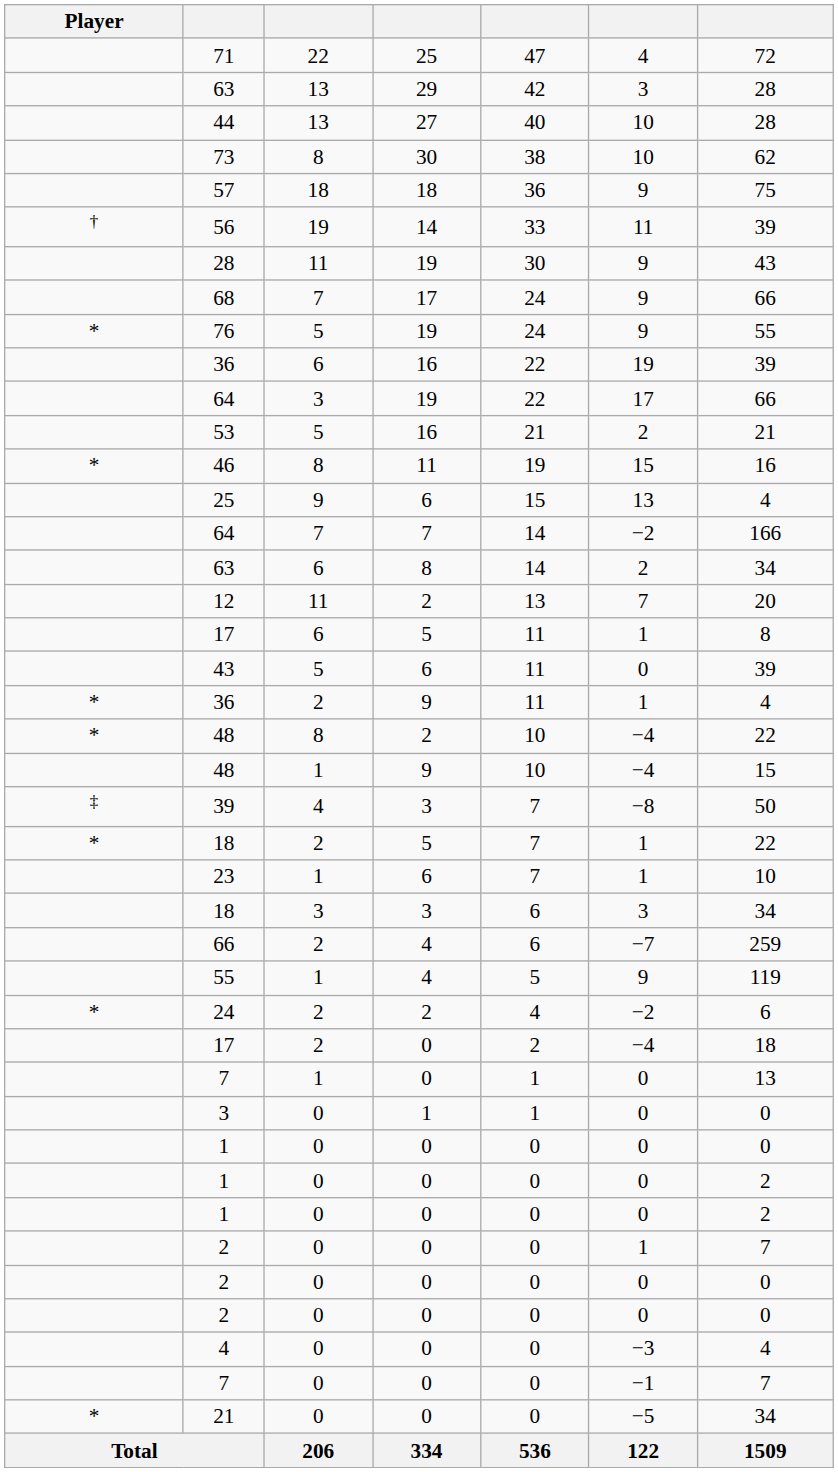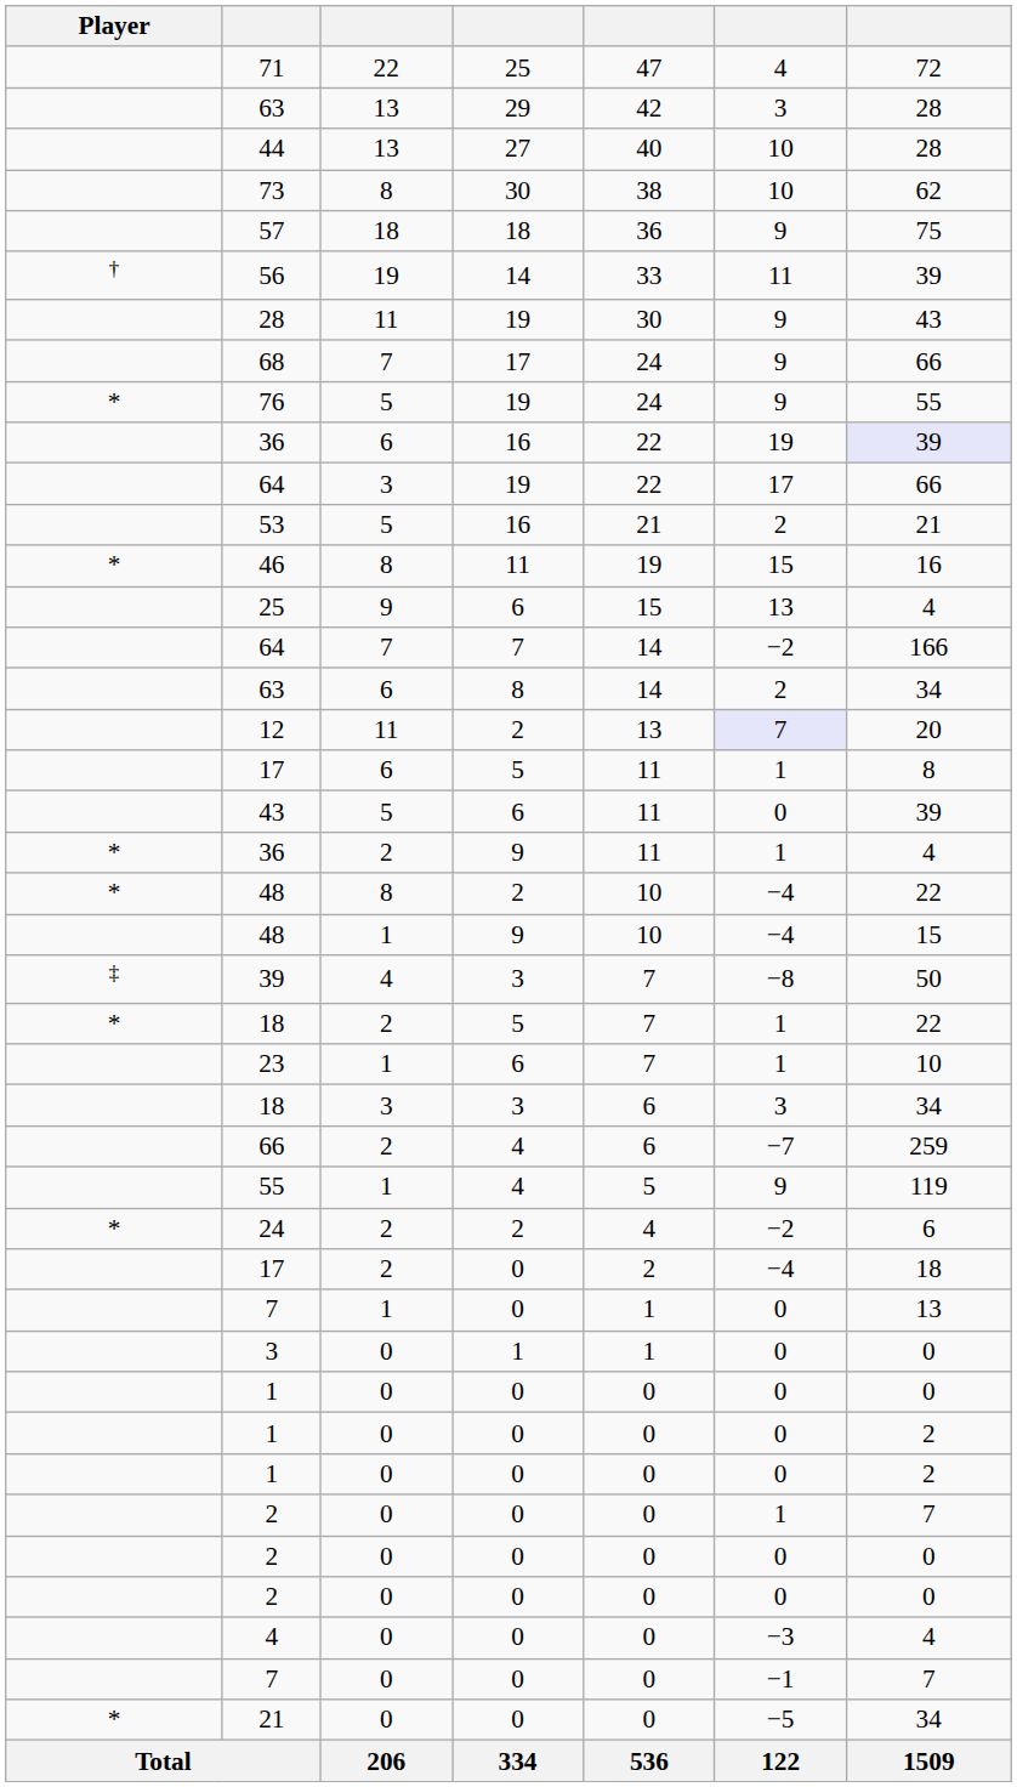 <table class="wikitable sortable" style="width:100%; text-align:center;">
 <tr>
 <th>Player</th>
 <th></th>
 <th></th>
 <th></th>
 <th></th>
 <th data-sort-type="number"></th>
 <th></th>
 </tr>
 <tr>
 <td></td>
 <td>71</td>
 <td>22</td>
 <td>25</td>
 <td>47</td>
 <td>4</td>
 <td>72</td>
 </tr>
 <tr>
 <td></td>
 <td>63</td>
 <td>13</td>
 <td>29</td>
 <td>42</td>
 <td>3</td>
 <td>28</td>
 </tr>
 <tr>
 <td></td>
 <td>44</td>
 <td>13</td>
 <td>27</td>
 <td>40</td>
 <td>10</td>
 <td>28</td>
 </tr>
 <tr>
 <td></td>
 <td>73</td>
 <td>8</td>
 <td>30</td>
 <td>38</td>
 <td>10</td>
 <td>62</td>
 </tr>
 <tr>
 <td></td>
 <td>57</td>
 <td>18</td>
 <td>18</td>
 <td>36</td>
 <td>9</td>
 <td>75</td>
 </tr>
 <tr>
 <td><sup>†</sup></td>
 <td>56</td>
 <td>19</td>
 <td>14</td>
 <td>33</td>
 <td>11</td>
 <td>39</td>
 </tr>
 <tr>
 <td></td>
 <td>28</td>
 <td>11</td>
 <td>19</td>
 <td>30</td>
 <td>9</td>
 <td>43</td>
 </tr>
 <tr>
 <td></td>
 <td>68</td>
 <td>7</td>
 <td>17</td>
 <td>24</td>
 <td>9</td>
 <td>66</td>
 </tr>
 <tr>
 <td>*</td>
 <td>76</td>
 <td>5</td>
 <td>19</td>
 <td>24</td>
 <td>9</td>
 <td>55</td>
 </tr>
 <tr>
 <td></td>
 <td>36</td>
 <td>6</td>
 <td>16</td>
 <td>22</td>
 <td>19</td>
-<td>39</td>
+<td style="background: lavender;">39</td>
 </tr>
 <tr>
 <td></td>
 <td>64</td>
 <td>3</td>
 <td>19</td>
 <td>22</td>
 <td>17</td>
 <td>66</td>
 </tr>
 <tr>
 <td></td>
 <td>53</td>
 <td>5</td>
 <td>16</td>
 <td>21</td>
 <td>2</td>
 <td>21</td>
 </tr>
 <tr>
 <td>*</td>
 <td>46</td>
 <td>8</td>
 <td>11</td>
 <td>19</td>
 <td>15</td>
 <td>16</td>
 </tr>
 <tr>
 <td></td>
 <td>25</td>
 <td>9</td>
 <td>6</td>
 <td>15</td>
 <td>13</td>
 <td>4</td>
 </tr>
 <tr>
 <td></td>
 <td>64</td>
 <td>7</td>
 <td>7</td>
 <td>14</td>
 <td>−2</td>
 <td>166</td>
 </tr>
 <tr>
 <td></td>
 <td>63</td>
 <td>6</td>
 <td>8</td>
 <td>14</td>
 <td>2</td>
 <td>34</td>
 </tr>
 <tr>
 <td></td>
 <td>12</td>
 <td>11</td>
 <td>2</td>
 <td>13</td>
-<td>7</td>
+<td style="background: lavender;">7</td>
 <td>20</td>
 </tr>
 <tr>
 <td></td>
 <td>17</td>
 <td>6</td>
 <td>5</td>
 <td>11</td>
 <td>1</td>
 <td>8</td>
 </tr>
 <tr>
 <td></td>
 <td>43</td>
 <td>5</td>
 <td>6</td>
 <td>11</td>
 <td>0</td>
 <td>39</td>
 </tr>
 <tr>
 <td>*</td>
 <td>36</td>
 <td>2</td>
 <td>9</td>
 <td>11</td>
 <td>1</td>
 <td>4</td>
 </tr>
 <tr>
 <td>*</td>
 <td>48</td>
 <td>8</td>
 <td>2</td>
 <td>10</td>
 <td>−4</td>
 <td>22</td>
 </tr>
 <tr>
 <td></td>
 <td>48</td>
 <td>1</td>
 <td>9</td>
 <td>10</td>
 <td>−4</td>
 <td>15</td>
 </tr>
 <tr>
 <td><sup>‡</sup></td>
 <td>39</td>
 <td>4</td>
 <td>3</td>
 <td>7</td>
 <td>−8</td>
 <td>50</td>
 </tr>
 <tr>
 <td>*</td>
 <td>18</td>
 <td>2</td>
 <td>5</td>
 <td>7</td>
 <td>1</td>
 <td>22</td>
 </tr>
 <tr>
 <td></td>
 <td>23</td>
 <td>1</td>
 <td>6</td>
 <td>7</td>
 <td>1</td>
 <td>10</td>
 </tr>
 <tr>
 <td></td>
 <td>18</td>
 <td>3</td>
 <td>3</td>
 <td>6</td>
 <td>3</td>
 <td>34</td>
 </tr>
 <tr>
 <td></td>
 <td>66</td>
 <td>2</td>
 <td>4</td>
 <td>6</td>
 <td>−7</td>
 <td>259</td>
 </tr>
 <tr>
 <td></td>
 <td>55</td>
 <td>1</td>
 <td>4</td>
 <td>5</td>
 <td>9</td>
 <td>119</td>
 </tr>
 <tr>
 <td>*</td>
 <td>24</td>
 <td>2</td>
 <td>2</td>
 <td>4</td>
 <td>−2</td>
 <td>6</td>
 </tr>
 <tr>
 <td></td>
 <td>17</td>
 <td>2</td>
 <td>0</td>
 <td>2</td>
 <td>−4</td>
 <td>18</td>
 </tr>
 <tr>
 <td></td>
 <td>7</td>
 <td>1</td>
 <td>0</td>
 <td>1</td>
 <td>0</td>
 <td>13</td>
 </tr>
 <tr>
 <td></td>
 <td>3</td>
 <td>0</td>
 <td>1</td>
 <td>1</td>
 <td>0</td>
 <td>0</td>
 </tr>
 <tr>
 <td></td>
 <td>1</td>
 <td>0</td>
 <td>0</td>
 <td>0</td>
 <td>0</td>
 <td>0</td>
 </tr>
 <tr>
 <td></td>
 <td>1</td>
 <td>0</td>
 <td>0</td>
 <td>0</td>
 <td>0</td>
 <td>2</td>
 </tr>
 <tr>
 <td></td>
 <td>1</td>
 <td>0</td>
 <td>0</td>
 <td>0</td>
 <td>0</td>
 <td>2</td>
 </tr>
 <tr>
 <td></td>
 <td>2</td>
 <td>0</td>
 <td>0</td>
 <td>0</td>
 <td>1</td>
 <td>7</td>
 </tr>
 <tr>
 <td></td>
 <td>2</td>
 <td>0</td>
 <td>0</td>
 <td>0</td>
 <td>0</td>
 <td>0</td>
 </tr>
 <tr>
 <td></td>
 <td>2</td>
 <td>0</td>
 <td>0</td>
 <td>0</td>
 <td>0</td>
 <td>0</td>
 </tr>
 <tr>
 <td></td>
 <td>4</td>
 <td>0</td>
 <td>0</td>
 <td>0</td>
 <td>−3</td>
 <td>4</td>
 </tr>
 <tr>
 <td></td>
 <td>7</td>
 <td>0</td>
 <td>0</td>
 <td>0</td>
 <td>−1</td>
 <td>7</td>
 </tr>
 <tr>
 <td>*</td>
 <td>21</td>
 <td>0</td>
 <td>0</td>
 <td>0</td>
 <td>−5</td>
 <td>34</td>
 </tr>
 <tr class="unsortable">
 <th colspan=2>Total</th>
 <th>206</th>
 <th>334</th>
 <th>536</th>
 <th>122</th>
 <th>1509</th>
 </tr>
 </table>
